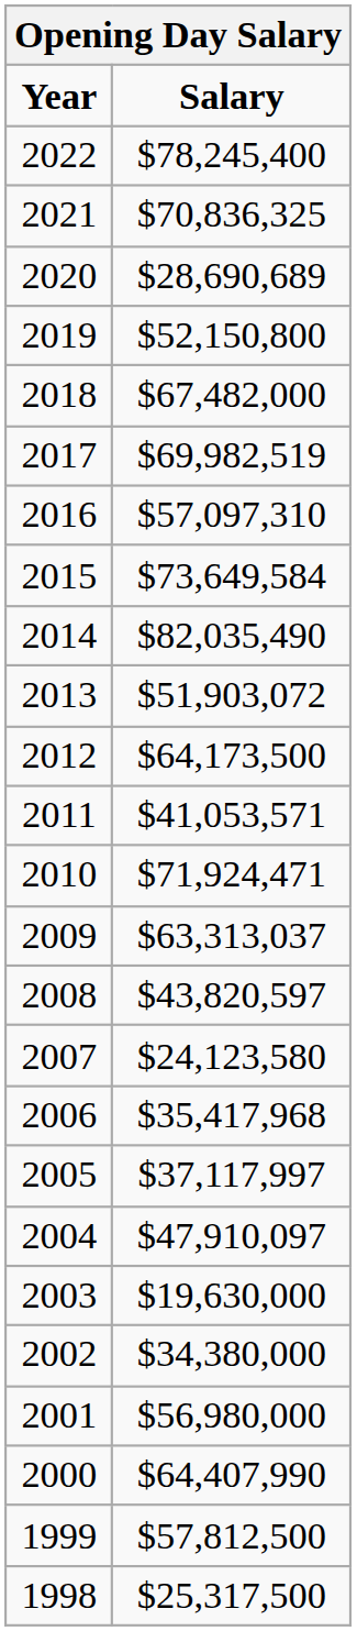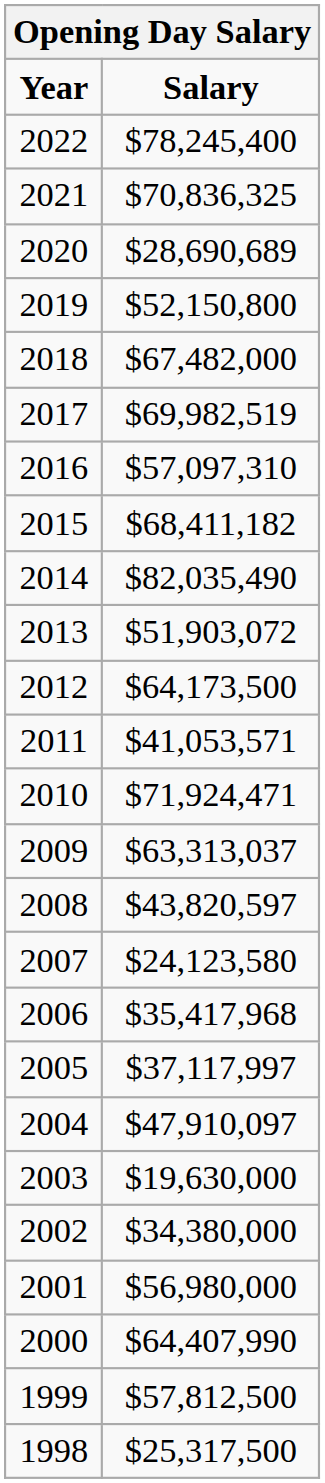 <table class="wikitable" style="text-align:center">
 <tr>
 <th colspan=5>Opening Day Salary</th>
 </tr>
 <tr>
 <td><strong>Year</strong></td>
 <td><strong>Salary</strong></td>
 </tr>
 <tr>
 <td>2022</td>
 <td>$78,245,400</td>
 </tr>
 <tr>
 <td>2021</td>
 <td>$70,836,325</td>
 </tr>
 <tr>
 <td>2020</td>
 <td>$28,690,689</td>
 </tr>
 <tr>
 <td>2019</td>
 <td>$52,150,800</td>
 </tr>
 <tr>
 <td>2018</td>
 <td>$67,482,000</td>
 </tr>
 <tr>
 <td>2017</td>
 <td>$69,982,519</td>
 </tr>
 <tr>
 <td>2016</td>
 <td>$57,097,310</td>
 </tr>
 <tr>
 <td>2015</td>
-<td>$73,649,584</td>
+<td>$68,411,182</td>
 </tr>
 <tr>
 <td>2014</td>
 <td>$82,035,490</td>
 </tr>
 <tr>
 <td>2013</td>
 <td>$51,903,072</td>
 </tr>
 <tr>
 <td>2012</td>
 <td>$64,173,500</td>
 </tr>
 <tr>
 <td>2011</td>
 <td>$41,053,571</td>
 </tr>
 <tr>
 <td>2010</td>
 <td>$71,924,471</td>
 </tr>
 <tr>
 <td>2009</td>
 <td>$63,313,037</td>
 </tr>
 <tr>
 <td>2008</td>
 <td>$43,820,597</td>
 </tr>
 <tr>
 <td>2007</td>
 <td>$24,123,580</td>
 </tr>
 <tr>
 <td>2006</td>
 <td>$35,417,968</td>
 </tr>
 <tr>
 <td>2005</td>
 <td>$37,117,997</td>
 </tr>
 <tr>
 <td>2004</td>
 <td>$47,910,097</td>
 </tr>
 <tr>
 <td>2003</td>
 <td>$19,630,000</td>
 </tr>
 <tr>
 <td>2002</td>
 <td>$34,380,000</td>
 </tr>
 <tr>
 <td>2001</td>
 <td>$56,980,000</td>
 </tr>
 <tr>
 <td>2000</td>
 <td>$64,407,990</td>
 </tr>
 <tr>
 <td>1999</td>
 <td>$57,812,500</td>
 </tr>
 <tr>
 <td>1998</td>
 <td>$25,317,500</td>
 </tr>
 </table>
